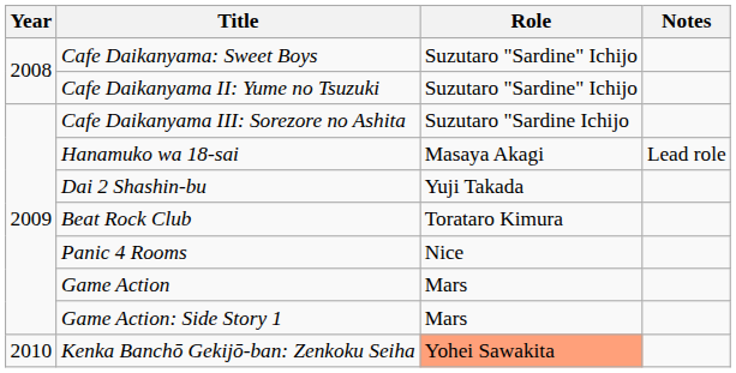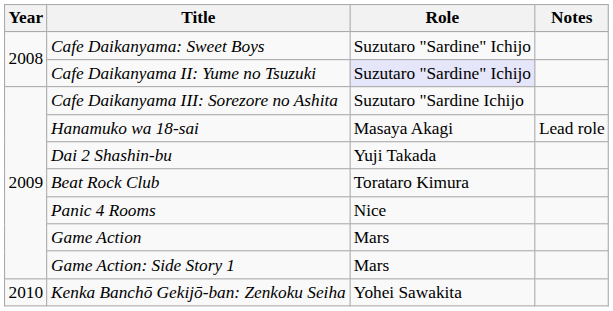 <table class="wikitable">
 <tr>
 <th>Year</th>
 <th>Title</th>
 <th>Role</th>
 <th>Notes</th>
 </tr>
 <tr>
 <td rowspan="2">2008</td>
 <td><em>Cafe Daikanyama: Sweet Boys</em></td>
 <td>Suzutaro "Sardine" Ichijo</td>
 <td></td>
 </tr>
 <tr>
 <td><em>Cafe Daikanyama II: Yume no Tsuzuki</em></td>
-<td>Suzutaro "Sardine" Ichijo</td>
+<td style="background: lavender;">Suzutaro "Sardine" Ichijo</td>
 <td></td>
 </tr>
 <tr>
 <td rowspan="7">2009</td>
 <td><em>Cafe Daikanyama III: Sorezore no Ashita</em></td>
 <td>Suzutaro "Sardine Ichijo</td>
 <td></td>
 </tr>
 <tr>
 <td><em>Hanamuko wa 18-sai</em></td>
 <td>Masaya Akagi</td>
 <td>Lead role</td>
 </tr>
 <tr>
 <td><em>Dai 2 Shashin-bu</em></td>
 <td>Yuji Takada</td>
 <td></td>
 </tr>
 <tr>
 <td><em>Beat Rock Club</em></td>
 <td>Torataro Kimura</td>
 <td></td>
 </tr>
 <tr>
 <td><em>Panic 4 Rooms</em></td>
 <td>Nice</td>
 <td></td>
 </tr>
 <tr>
 <td><em>Game Action</em></td>
 <td>Mars</td>
 <td></td>
 </tr>
 <tr>
 <td><em>Game Action: Side Story 1</em></td>
 <td>Mars</td>
 <td></td>
 </tr>
 <tr>
 <td>2010</td>
 <td><em>Kenka Banchō Gekijō-ban: Zenkoku Seiha</em></td>
-<td style="background: lightsalmon;">Yohei Sawakita</td>
+<td>Yohei Sawakita</td>
 <td></td>
 </tr>
 </table>
